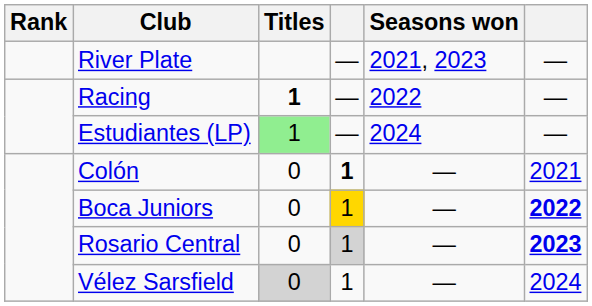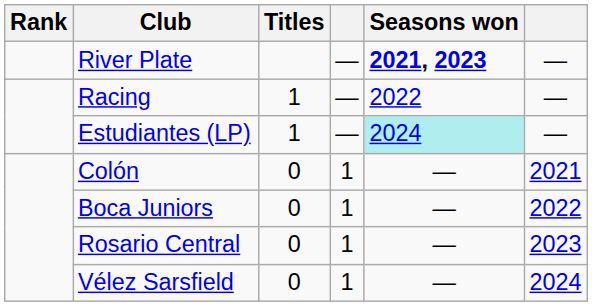 <table class="wikitable sortable plainrowheaders">
 <tr>
 <th>Rank</th>
 <th width=120px>Club</th>
 <th scope=col>Titles</th>
 <th scope=col></th>
 <th scope=col>Seasons won</th>
 <th scope=col></th>
 </tr>
 <tr>
 <td rowspan="1"></td>
 <td><a href='#'>River Plate</a></td>
 <td></td>
 <td align=center>—</td>
-<td><a href='#'>2021</a>, <a href='#'>2023</a></td>
+<td><strong><a href='#'>2021</a>, <a href='#'>2023</a></strong></td>
 <td align=center>—</td>
 </tr>
 <tr>
 <td rowspan="2"></td>
 <td><a href='#'>Racing</a></td>
-<td align=center><strong>1</strong></td>
+<td align=center>1</td>
 <td align=center>—</td>
 <td><a href='#'>2022</a></td>
 <td align=center>—</td>
 </tr>
 <tr>
 <td><a href='#'>Estudiantes (LP)</a></td>
-<td align=center style="background: lightgreen;">1</td>
+<td align=center>1</td>
 <td align=center>—</td>
-<td><a href='#'>2024</a></td>
+<td style="background: paleturquoise;"><a href='#'>2024</a></td>
 <td align=center>—</td>
 </tr>
 <tr>
 <td rowspan="4"></td>
 <td><a href='#'>Colón</a></td>
 <td align=center>0</td>
-<td align=center><strong>1</strong></td>
+<td align=center>1</td>
 <td align=center>—</td>
 <td><a href='#'>2021</a></td>
 </tr>
 <tr>
 <td><a href='#'>Boca Juniors</a></td>
 <td align=center>0</td>
-<td align=center style="background: gold;">1</td>
+<td align=center>1</td>
 <td align=center>—</td>
-<td><strong><a href='#'>2022</a></strong></td>
+<td><a href='#'>2022</a></td>
 </tr>
 <tr>
 <td><a href='#'>Rosario Central</a></td>
 <td align=center>0</td>
-<td align=center style="background: lightgrey;">1</td>
+<td align=center>1</td>
 <td align=center>—</td>
-<td><strong><a href='#'>2023</a></strong></td>
+<td><a href='#'>2023</a></td>
 </tr>
 <tr>
 <td><a href='#'>Vélez Sarsfield</a></td>
-<td align=center style="background: lightgrey;">0</td>
+<td align=center>0</td>
 <td align=center>1</td>
 <td align=center>—</td>
 <td><a href='#'>2024</a></td>
 </tr>
 </table>
